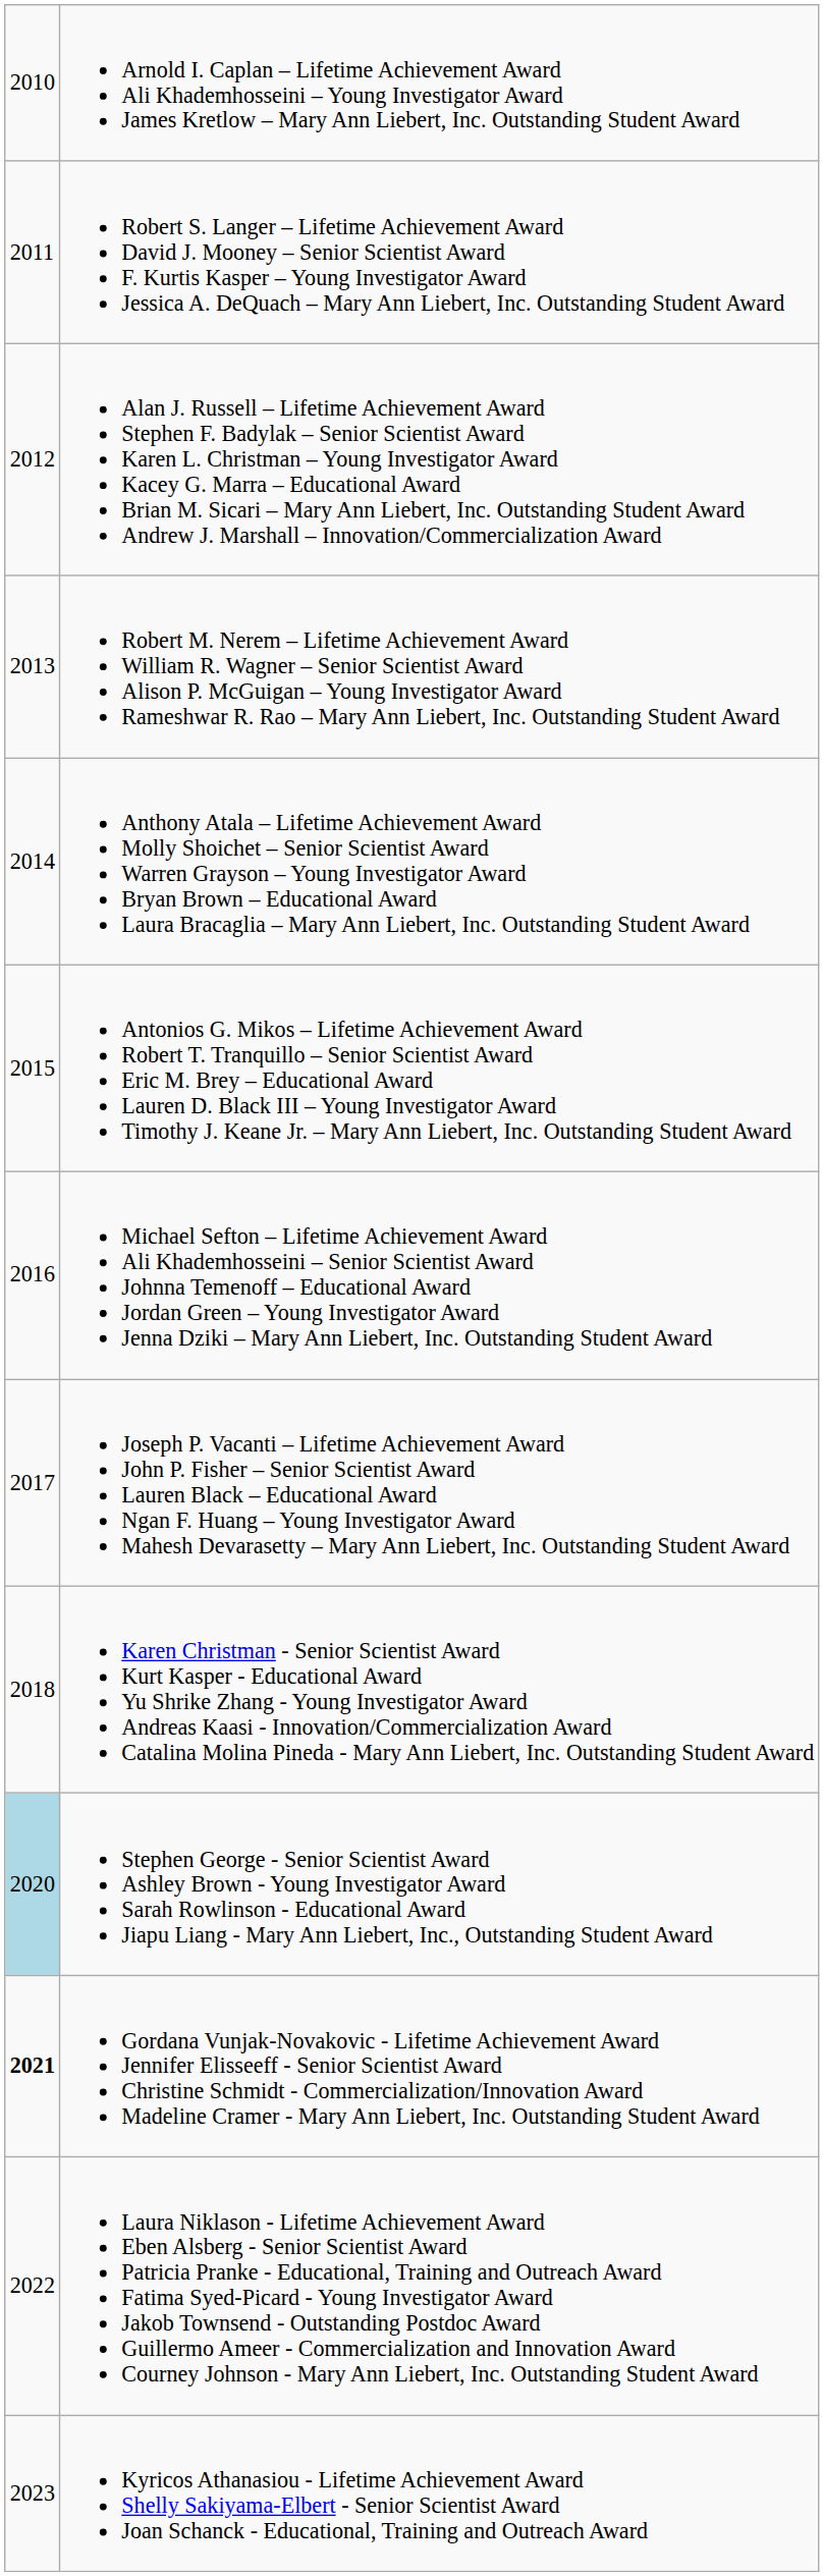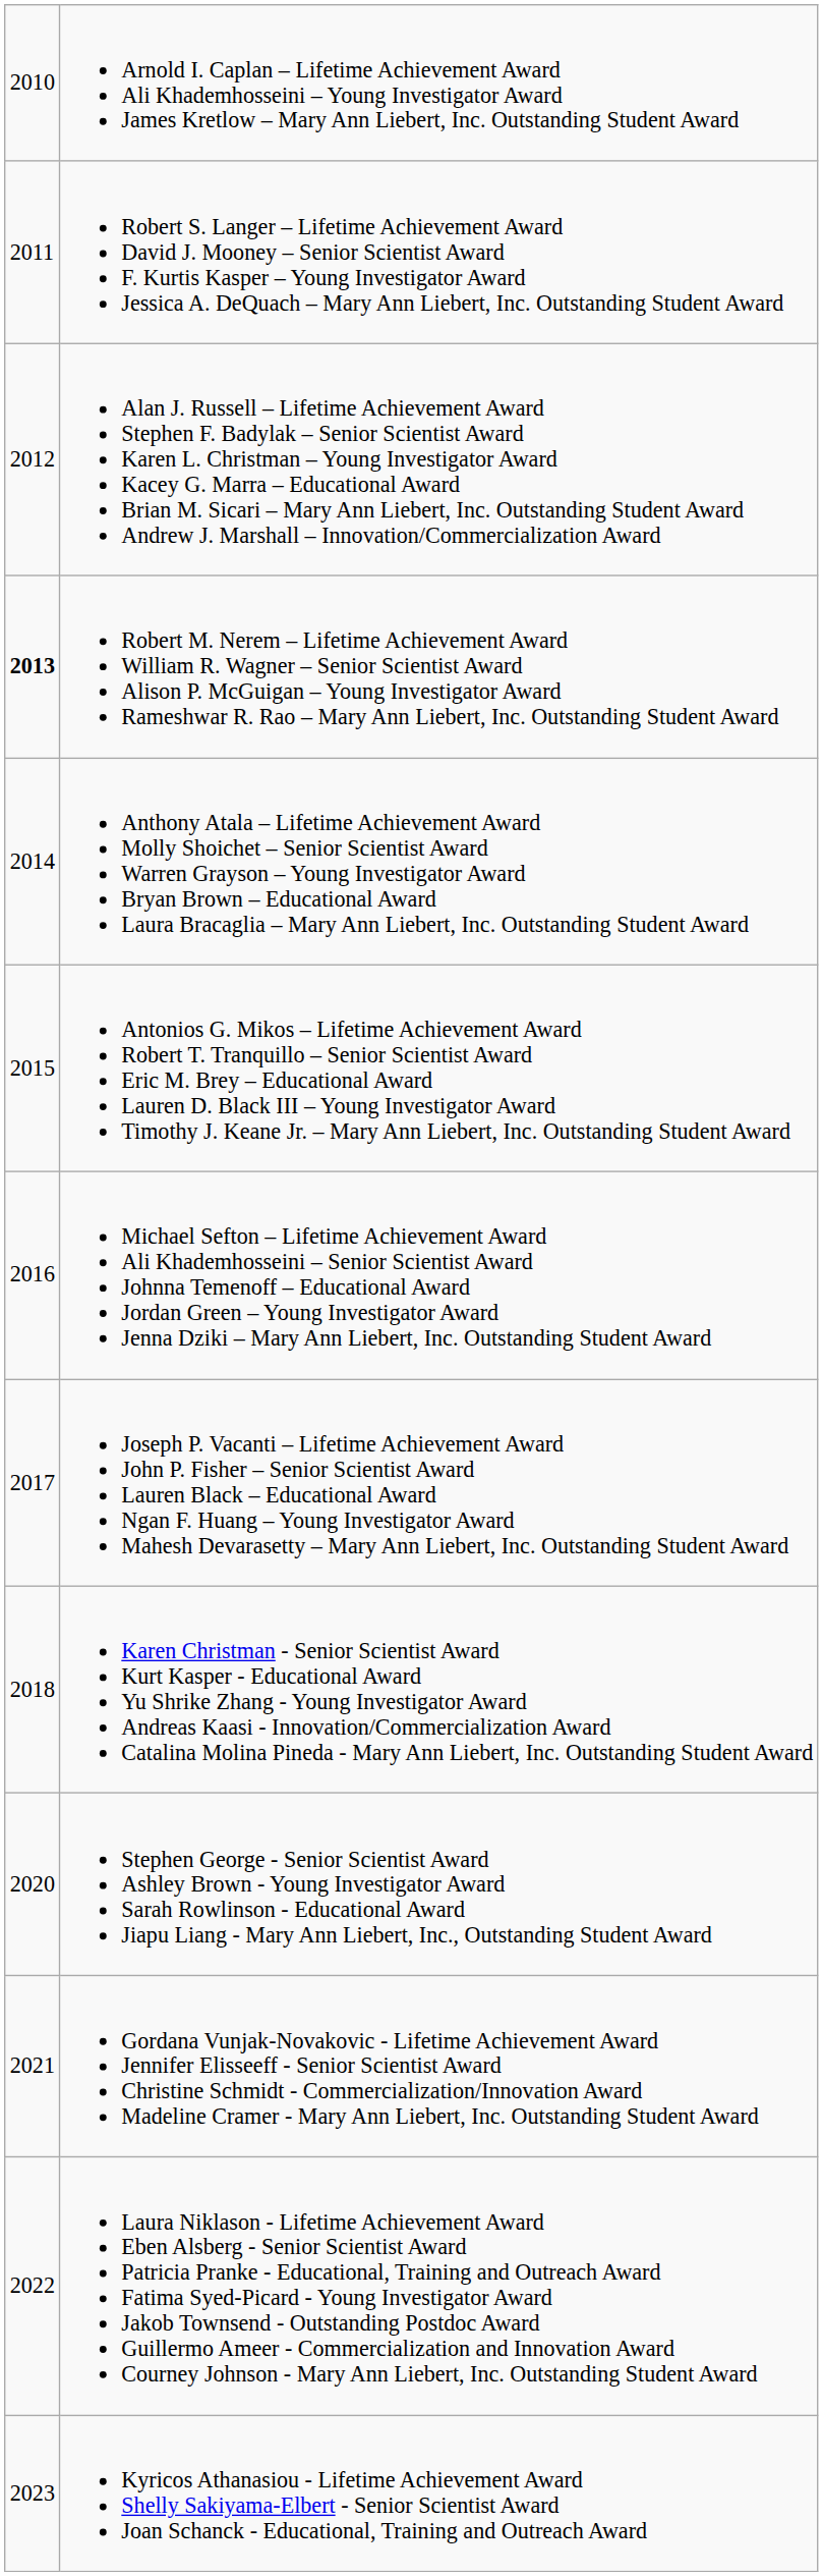 <table class="wikitable">
 <tr>
 <td>2010</td>
 <td><br><ul><li>Arnold I. Caplan – Lifetime Achievement Award</li><li>Ali Khademhosseini – Young Investigator Award</li><li>James Kretlow – Mary Ann Liebert, Inc. Outstanding Student Award</li></ul></td>
 </tr>
 <tr>
 <td>2011</td>
 <td><br><ul><li>Robert S. Langer – Lifetime Achievement Award</li><li>David J. Mooney – Senior Scientist Award</li><li>F. Kurtis Kasper – Young Investigator Award</li><li>Jessica A. DeQuach – Mary Ann Liebert, Inc. Outstanding Student Award</li></ul></td>
 </tr>
 <tr>
 <td>2012</td>
 <td><br><ul><li>Alan J. Russell – Lifetime Achievement Award</li><li>Stephen F. Badylak – Senior Scientist Award</li><li>Karen L. Christman – Young Investigator Award</li><li>Kacey G. Marra – Educational Award</li><li>Brian M. Sicari – Mary Ann Liebert, Inc. Outstanding Student Award</li><li>Andrew J. Marshall – Innovation/Commercialization Award</li></ul></td>
 </tr>
 <tr>
-<td>2013</td>
+<td><strong>2013</strong></td>
 <td><br><ul><li>Robert M. Nerem – Lifetime Achievement Award</li><li>William R. Wagner – Senior Scientist Award</li><li>Alison P. McGuigan – Young Investigator Award</li><li>Rameshwar R. Rao – Mary Ann Liebert, Inc. Outstanding Student Award</li></ul></td>
 </tr>
 <tr>
 <td>2014</td>
 <td><br><ul><li>Anthony Atala – Lifetime Achievement Award</li><li>Molly Shoichet – Senior Scientist Award</li><li>Warren Grayson – Young Investigator Award</li><li>Bryan Brown – Educational Award</li><li>Laura Bracaglia – Mary Ann Liebert, Inc. Outstanding Student Award</li></ul></td>
 </tr>
 <tr>
 <td>2015</td>
 <td><br><ul><li>Antonios G. Mikos – Lifetime Achievement Award</li><li>Robert T. Tranquillo – Senior Scientist Award</li><li>Eric M. Brey – Educational Award</li><li>Lauren D. Black III – Young Investigator Award</li><li>Timothy J. Keane Jr. – Mary Ann Liebert, Inc. Outstanding Student Award</li></ul></td>
 </tr>
 <tr>
 <td>2016</td>
 <td><br><ul><li>Michael Sefton – Lifetime Achievement Award</li><li>Ali Khademhosseini – Senior Scientist Award</li><li>Johnna Temenoff – Educational Award</li><li>Jordan Green – Young Investigator Award</li><li>Jenna Dziki – Mary Ann Liebert, Inc. Outstanding Student Award</li></ul></td>
 </tr>
 <tr>
 <td>2017</td>
 <td><br><ul><li>Joseph P. Vacanti – Lifetime Achievement Award</li><li>John P. Fisher – Senior Scientist Award</li><li>Lauren Black – Educational Award</li><li>Ngan F. Huang – Young Investigator Award</li><li>Mahesh Devarasetty – Mary Ann Liebert, Inc. Outstanding Student Award</li></ul></td>
 </tr>
 <tr>
 <td>2018</td>
 <td><br><ul><li><a href='#'>Karen Christman</a> - Senior Scientist Award</li><li>Kurt Kasper - Educational Award</li><li>Yu Shrike Zhang - Young Investigator Award</li><li>Andreas Kaasi - Innovation/Commercialization Award</li><li>Catalina Molina Pineda - Mary Ann Liebert, Inc. Outstanding Student Award</li></ul></td>
 </tr>
 <tr>
-<td style="background: lightblue;">2020</td>
+<td>2020</td>
 <td><br><ul><li>Stephen George - Senior Scientist Award</li><li>Ashley Brown - Young Investigator Award</li><li>Sarah Rowlinson - Educational Award</li><li>Jiapu Liang - Mary Ann Liebert, Inc., Outstanding Student Award</li></ul></td>
 </tr>
 <tr>
-<td><strong>2021</strong></td>
+<td>2021</td>
 <td><br><ul><li>Gordana Vunjak-Novakovic - Lifetime Achievement Award</li><li>Jennifer Elisseeff - Senior Scientist Award</li><li>Christine Schmidt - Commercialization/Innovation Award</li><li>Madeline Cramer - Mary Ann Liebert, Inc. Outstanding Student Award</li></ul></td>
 </tr>
 <tr>
 <td>2022</td>
 <td><br><ul><li>Laura Niklason - Lifetime Achievement Award</li><li>Eben Alsberg - Senior Scientist Award</li><li>Patricia Pranke - Educational, Training and Outreach Award</li><li>Fatima Syed-Picard - Young Investigator Award</li><li>Jakob Townsend - Outstanding Postdoc Award</li><li>Guillermo Ameer - Commercialization and Innovation Award</li><li>Courney Johnson - Mary Ann Liebert, Inc. Outstanding Student Award</li></ul></td>
 </tr>
 <tr>
 <td>2023</td>
 <td><br><ul><li>Kyricos Athanasiou - Lifetime Achievement Award</li><li><a href='#'>Shelly Sakiyama-Elbert</a> - Senior Scientist Award</li><li>Joan Schanck - Educational, Training and Outreach Award</li></ul></td>
 </tr>
 </table>
